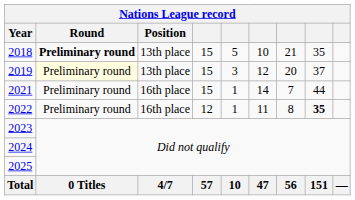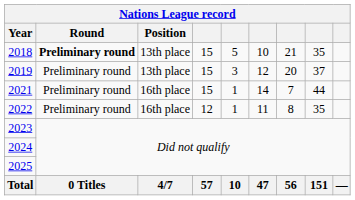 <table class="wikitable" style="text-align:center">
 <tr>
 <th colspan=9><a href='#'>Nations League record</a></th>
 </tr>
 <tr>
 <th>Year</th>
 <th>Round</th>
 <th>Position</th>
 <th width=30></th>
 <th width=30></th>
 <th width=30></th>
 <th width=30></th>
 <th width=30></th>
 <th></th>
 </tr>
 <tr>
 <td> <a href='#'>2018</a></td>
 <td><strong>Preliminary round</strong></td>
 <td>13th place</td>
 <td>15</td>
 <td>5</td>
 <td>10</td>
 <td>21</td>
 <td>35</td>
 <td></td>
 </tr>
 <tr>
 <td> <a href='#'>2019</a></td>
-<td style="background: lightyellow;">Preliminary round</td>
+<td>Preliminary round</td>
 <td>13th place</td>
 <td>15</td>
 <td>3</td>
 <td>12</td>
 <td>20</td>
 <td>37</td>
 <td></td>
 </tr>
 <tr>
 <td> <a href='#'>2021</a></td>
 <td>Preliminary round</td>
 <td>16th place</td>
 <td>15</td>
 <td>1</td>
 <td>14</td>
 <td>7</td>
 <td>44</td>
 <td></td>
 </tr>
 <tr>
 <td> <a href='#'>2022</a></td>
 <td>Preliminary round</td>
 <td>16th place</td>
 <td>12</td>
 <td>1</td>
 <td>11</td>
 <td>8</td>
-<td><strong>35</strong></td>
+<td>35</td>
 <td></td>
 </tr>
 <tr>
 <td> <a href='#'>2023</a></td>
 <td colspan=8 rowspan=3><em>Did not qualify</em></td>
 </tr>
 <tr>
 <td> <a href='#'>2024</a></td>
 </tr>
 <tr>
 <td> <a href='#'>2025</a></td>
 </tr>
 <tr>
 <th>Total</th>
 <th>0 Titles</th>
 <th>4/7</th>
 <th>57</th>
 <th>10</th>
 <th>47</th>
 <th>56</th>
 <th>151</th>
 <th>—</th>
 </tr>
 </table>
